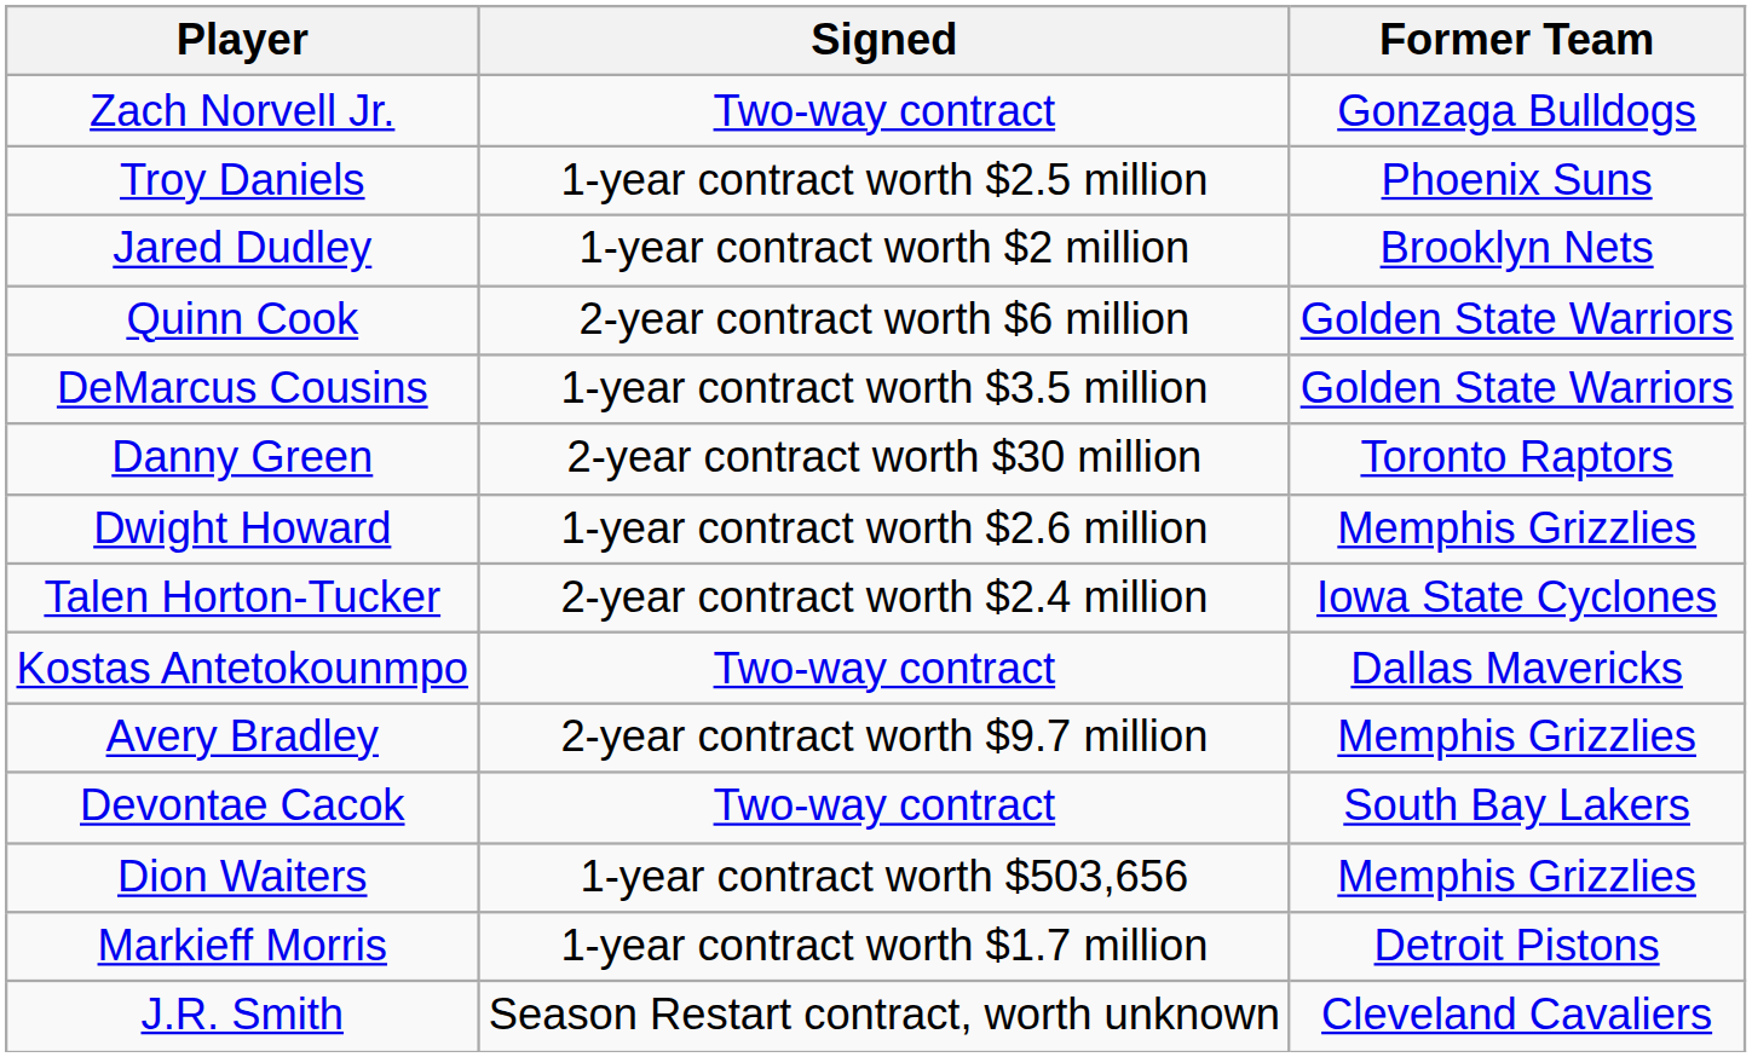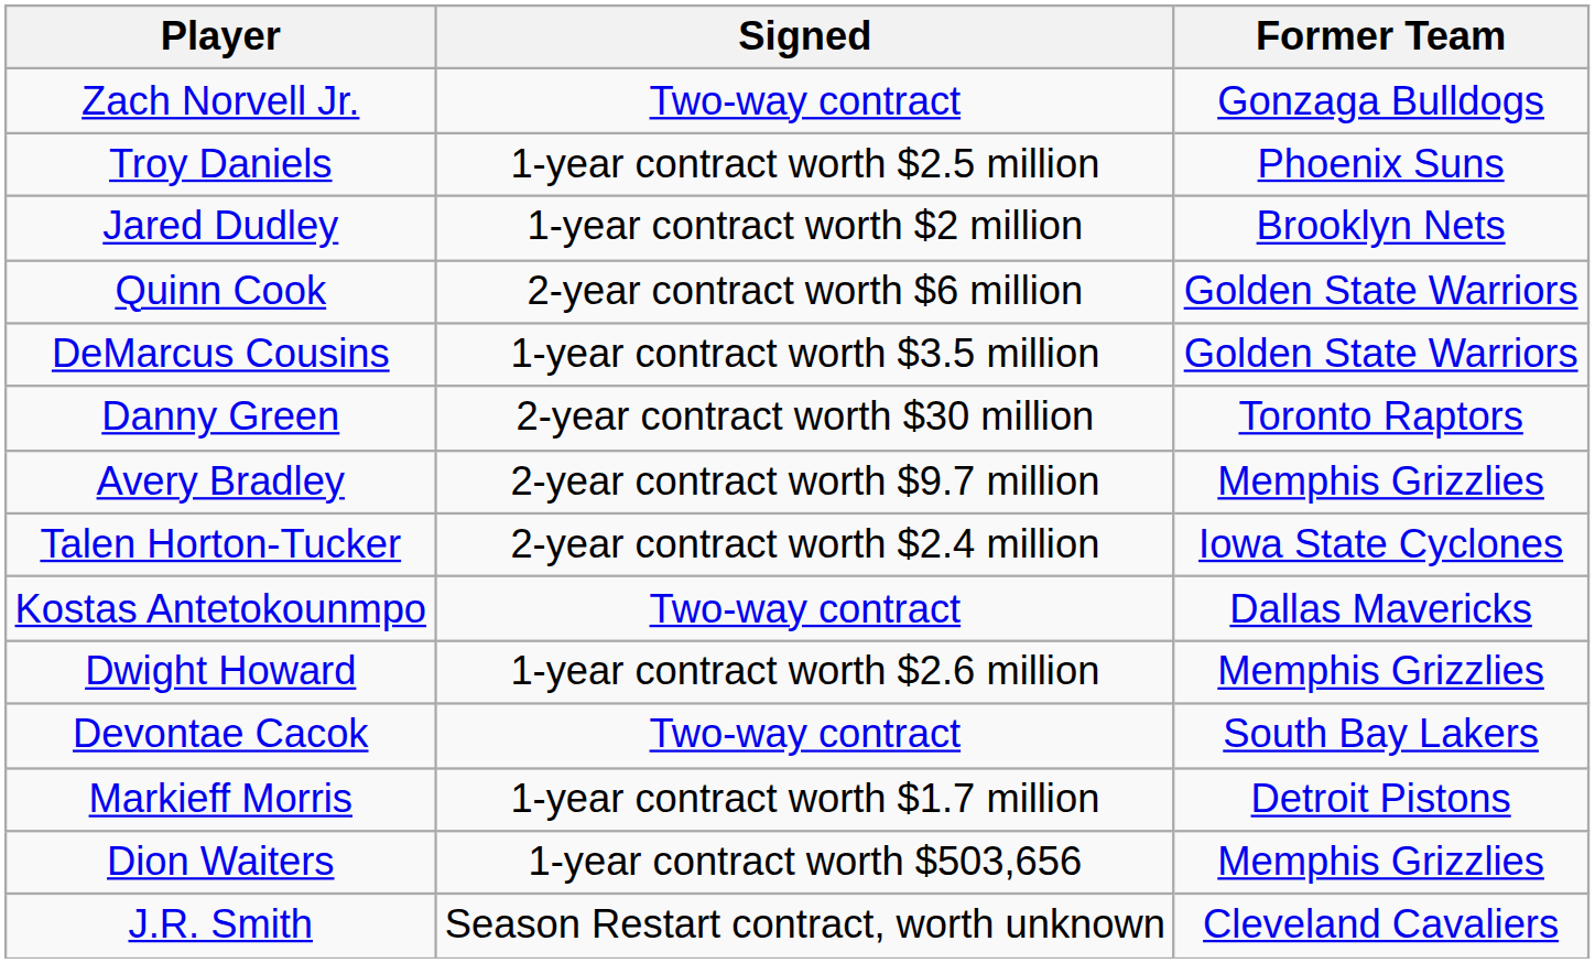 <table class="wikitable sortable sortable" style="text-align: center">
 <tr>
 <th>Player</th>
 <th>Signed</th>
 <th>Former Team</th>
 </tr>
 <tr style="text-align: center">
 <td><a href='#'>Zach Norvell Jr.</a></td>
 <td><a href='#'>Two-way contract</a></td>
 <td><a href='#'>Gonzaga Bulldogs</a></td>
 </tr>
 <tr>
 <td><a href='#'>Troy Daniels</a></td>
 <td>1-year contract worth $2.5 million</td>
 <td><a href='#'>Phoenix Suns</a></td>
 </tr>
 <tr>
 <td><a href='#'>Jared Dudley</a></td>
 <td>1-year contract worth $2 million</td>
 <td><a href='#'>Brooklyn Nets</a></td>
 </tr>
 <tr>
 <td><a href='#'>Quinn Cook</a></td>
 <td>2-year contract worth $6 million</td>
 <td><a href='#'>Golden State Warriors</a></td>
 </tr>
 <tr>
 <td><a href='#'>DeMarcus Cousins</a></td>
 <td>1-year contract worth $3.5 million</td>
 <td><a href='#'>Golden State Warriors</a></td>
 </tr>
 <tr>
 <td><a href='#'>Danny Green</a></td>
 <td>2-year contract worth $30 million</td>
 <td><a href='#'>Toronto Raptors</a></td>
 </tr>
 <tr>
-<td><a href='#'>Dwight Howard</a></td>
-<td>1-year contract worth $2.6 million</td>
+<td><a href='#'>Avery Bradley</a></td>
+<td>2-year contract worth $9.7 million</td>
 <td><a href='#'>Memphis Grizzlies</a></td>
 </tr>
 <tr>
 <td><a href='#'>Talen Horton-Tucker</a></td>
 <td>2-year contract worth $2.4 million</td>
 <td><a href='#'>Iowa State Cyclones</a></td>
 </tr>
 <tr>
 <td><a href='#'>Kostas Antetokounmpo</a></td>
 <td><a href='#'>Two-way contract</a></td>
 <td><a href='#'>Dallas Mavericks</a></td>
 </tr>
 <tr>
-<td><a href='#'>Avery Bradley</a></td>
-<td>2-year contract worth $9.7 million</td>
+<td><a href='#'>Dwight Howard</a></td>
+<td>1-year contract worth $2.6 million</td>
 <td><a href='#'>Memphis Grizzlies</a></td>
 </tr>
 <tr>
 <td><a href='#'>Devontae Cacok</a></td>
 <td><a href='#'>Two-way contract</a></td>
 <td><a href='#'>South Bay Lakers</a></td>
 </tr>
 <tr>
+<td><a href='#'>Markieff Morris</a></td>
+<td>1-year contract worth $1.7 million</td>
+<td><a href='#'>Detroit Pistons</a></td>
+</tr>
+<tr>
 <td><a href='#'>Dion Waiters</a></td>
 <td>1-year contract worth $503,656</td>
 <td><a href='#'>Memphis Grizzlies</a></td>
-</tr>
-<tr>
-<td><a href='#'>Markieff Morris</a></td>
-<td>1-year contract worth $1.7 million</td>
-<td><a href='#'>Detroit Pistons</a></td>
 </tr>
 <tr>
 <td><a href='#'>J.R. Smith</a></td>
 <td>Season Restart contract, worth unknown</td>
 <td><a href='#'>Cleveland Cavaliers</a></td>
 </tr>
 </table>
